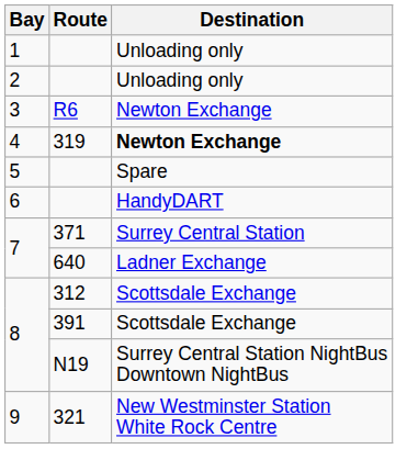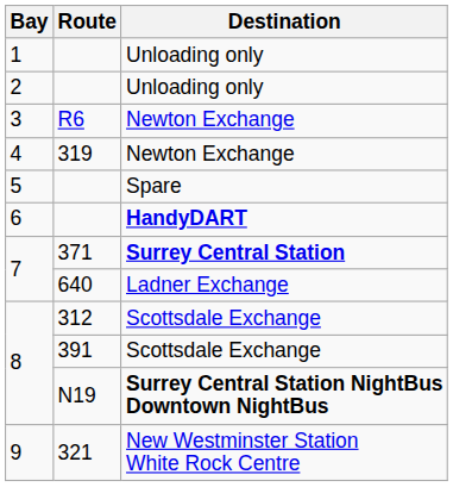 <table class="wikitable">
 <tr>
 <th>Bay</th>
 <th>Route</th>
 <th>Destination</th>
 </tr>
 <tr>
 <td>1</td>
 <td></td>
 <td>Unloading only</td>
 </tr>
 <tr>
 <td>2</td>
 <td></td>
 <td>Unloading only</td>
 </tr>
 <tr>
 <td>3</td>
 <td><a href='#'>R6</a></td>
 <td><a href='#'>Newton Exchange</a></td>
 </tr>
 <tr>
 <td>4</td>
 <td>319</td>
-<td><strong>Newton Exchange</strong></td>
+<td>Newton Exchange</td>
 </tr>
 <tr>
 <td>5</td>
 <td></td>
 <td>Spare</td>
 </tr>
 <tr>
 <td>6</td>
 <td></td>
-<td><a href='#'>HandyDART</a></td>
+<td><strong><a href='#'>HandyDART</a></strong></td>
 </tr>
 <tr>
 <td rowspan="2">7</td>
 <td>371</td>
-<td><a href='#'>Surrey Central Station</a></td>
+<td><strong><a href='#'>Surrey Central Station</a></strong></td>
 </tr>
 <tr>
 <td>640</td>
 <td><a href='#'>Ladner Exchange</a></td>
 </tr>
 <tr>
 <td rowspan="3">8</td>
 <td>312</td>
 <td><a href='#'>Scottsdale Exchange</a></td>
 </tr>
 <tr>
 <td>391</td>
 <td>Scottsdale Exchange</td>
 </tr>
 <tr>
 <td>N19</td>
-<td>Surrey Central Station NightBus<br>Downtown NightBus</td>
+<td><strong>Surrey Central Station NightBus<br>Downtown NightBus</strong></td>
 </tr>
 <tr>
 <td>9</td>
 <td>321</td>
 <td><a href='#'>New Westminster Station</a><br><a href='#'>White Rock Centre</a></td>
 </tr>
 </table>
